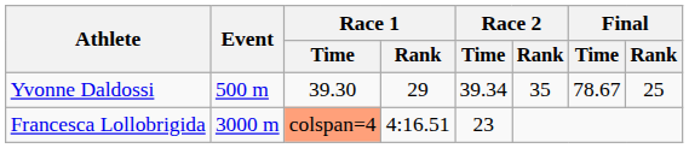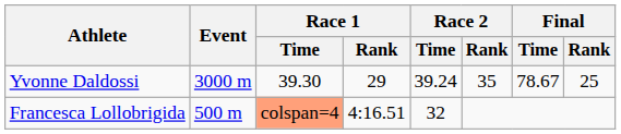 <table class="wikitable" style="font-size:90%">
 <tr>
 <th rowspan=2>Athlete</th>
 <th rowspan=2>Event</th>
 <th colspan=2>Race 1</th>
 <th colspan=2>Race 2</th>
 <th colspan=2>Final</th>
 </tr>
 <tr style="font-size:95%">
 <th>Time</th>
 <th>Rank</th>
 <th>Time</th>
 <th>Rank</th>
 <th>Time</th>
 <th>Rank</th>
 </tr>
 <tr align=center>
 <td align=left><a href='#'>Yvonne Daldossi</a></td>
-<td align=left><a href='#'>500 m</a></td>
+<td align=left><a href='#'>3000 m</a></td>
 <td>39.30</td>
 <td>29</td>
-<td>39.34</td>
+<td>39.24</td>
 <td>35</td>
 <td>78.67</td>
 <td>25</td>
 </tr>
 <tr align=center>
 <td align=left><a href='#'>Francesca Lollobrigida</a></td>
-<td align=left><a href='#'>3000 m</a></td>
+<td align=left><a href='#'>500 m</a></td>
 <td style="background: lightsalmon;">colspan=4 </td>
 <td>4:16.51</td>
-<td>23</td>
+<td>32</td>
 </tr>
 </table>
